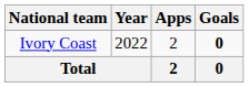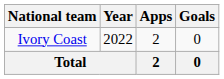 <table class=wikitable style=text-align:center>
 <tr>
 <th>National team</th>
 <th>Year</th>
 <th>Apps</th>
 <th>Goals</th>
 </tr>
 <tr>
 <td><a href='#'>Ivory Coast</a></td>
 <td>2022</td>
 <td>2</td>
-<td><strong>0</strong></td>
+<td>0</td>
 </tr>
 <tr>
 <th colspan="2">Total</th>
 <th>2</th>
 <th>0</th>
 </tr>
 </table>
